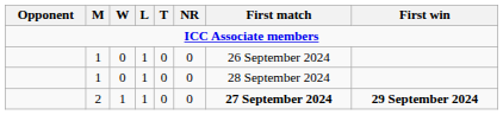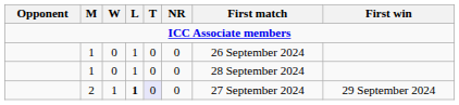 <table class="wikitable" style="text-align: center; width: 600px;">
 <tr>
 <th>Opponent</th>
 <th>M</th>
 <th>W</th>
 <th>L</th>
 <th>T</th>
 <th>NR</th>
 <th>First match</th>
 <th>First win</th>
 </tr>
 <tr>
 <td colspan="8" style="text-align: center;"><strong><a href='#'>ICC Associate members</a></strong></td>
 </tr>
 <tr>
 <td align=left></td>
 <td>1</td>
 <td>0</td>
 <td>1</td>
 <td>0</td>
 <td>0</td>
 <td>26 September 2024</td>
 <td></td>
 </tr>
 <tr>
 <td align=left></td>
 <td>1</td>
 <td>0</td>
 <td>1</td>
 <td>0</td>
 <td>0</td>
 <td>28 September 2024</td>
 <td></td>
 </tr>
 <tr>
 <td align=left></td>
 <td>2</td>
 <td>1</td>
-<td>1</td>
+<td><strong>1</strong></td>
+<td style="background: lavender;">0</td>
 <td>0</td>
-<td>0</td>
-<td><strong>27 September 2024</strong></td>
-<td><strong>29 September 2024</strong></td>
+<td>27 September 2024</td>
+<td>29 September 2024</td>
 </tr>
 </table>
